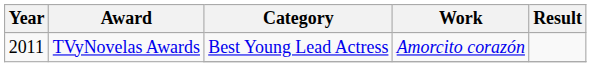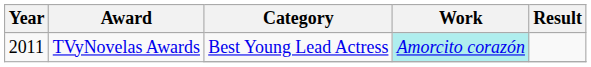 <table class="wikitable sortable">
 <tr>
 <th scope="col">Year</th>
 <th scope="col">Award</th>
 <th scope="col">Category</th>
 <th scope="col">Work</th>
 <th scope="col">Result</th>
 </tr>
 <tr>
 <td rowspan="2">2011</td>
 <td rowspan="3"><a href='#'>TVyNovelas Awards</a></td>
 <td><a href='#'>Best Young Lead Actress</a></td>
-<td rowspan="1"><em><a href='#'>Amorcito corazón</a></em></td>
+<td rowspan="1" style="background: paleturquoise;"><em><a href='#'>Amorcito corazón</a></em></td>
 <td></td>
 </tr>
 <tr>
 </tr>
 </table>
